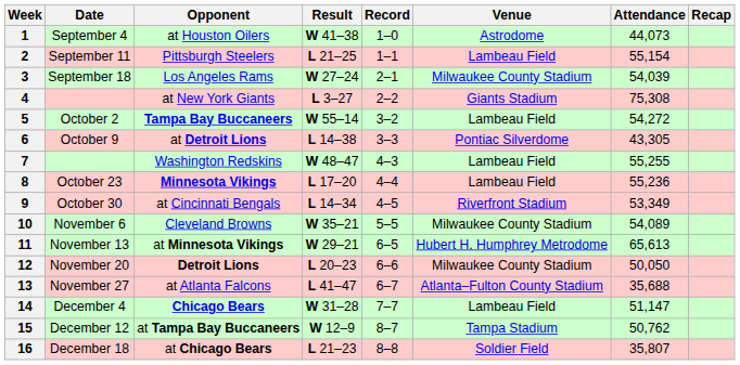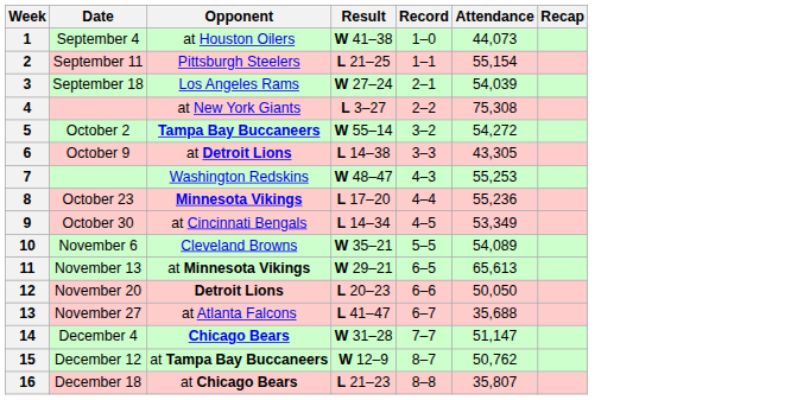 <table class="wikitable" style="text-align:center">
 <tr>
 <th>Week</th>
 <th>Date</th>
 <th>Opponent</th>
 <th>Result</th>
 <th>Record</th>
-<th>Venue</th>
 <th>Attendance</th>
 <th>Recap</th>
 </tr>
 <tr style="background:#cfc">
 <th>1</th>
 <td>September 4</td>
 <td>at <a href='#'>Houston Oilers</a></td>
 <td><strong>W</strong> 41–38 </td>
 <td>1–0</td>
-<td><a href='#'>Astrodome</a></td>
 <td>44,073</td>
 <td></td>
 </tr>
 <tr style="background:#fcc">
 <th>2</th>
 <td>September 11</td>
 <td><a href='#'>Pittsburgh Steelers</a></td>
 <td><strong>L</strong> 21–25</td>
 <td>1–1</td>
-<td><a href='#'>Lambeau Field</a></td>
 <td>55,154</td>
 <td></td>
 </tr>
 <tr style="background:#cfc">
 <th>3</th>
 <td>September 18</td>
 <td><a href='#'>Los Angeles Rams</a></td>
 <td><strong>W</strong> 27–24</td>
 <td>2–1</td>
-<td><a href='#'>Milwaukee County Stadium</a></td>
 <td>54,039</td>
 <td></td>
 </tr>
 <tr style="background:#fcc">
 <th>4</th>
 <td></td>
 <td>at <a href='#'>New York Giants</a></td>
 <td><strong>L</strong> 3–27</td>
 <td>2–2</td>
-<td><a href='#'>Giants Stadium</a></td>
 <td>75,308</td>
 <td></td>
 </tr>
 <tr style="background:#cfc">
 <th>5</th>
 <td>October 2</td>
 <td><strong><a href='#'>Tampa Bay Buccaneers</a></strong></td>
 <td><strong>W</strong> 55–14</td>
 <td>3–2</td>
-<td>Lambeau Field</td>
 <td>54,272</td>
 <td></td>
 </tr>
 <tr style="background:#fcc">
 <th>6</th>
 <td>October 9</td>
 <td>at <strong><a href='#'>Detroit Lions</a></strong></td>
 <td><strong>L</strong> 14–38</td>
 <td>3–3</td>
-<td><a href='#'>Pontiac Silverdome</a></td>
 <td>43,305</td>
 <td></td>
 </tr>
 <tr style="background:#cfc">
 <th>7</th>
 <td></td>
 <td><a href='#'>Washington Redskins</a></td>
 <td><strong>W</strong> 48–47</td>
 <td>4–3</td>
-<td>Lambeau Field</td>
-<td>55,255</td>
+<td>55,253</td>
 <td></td>
 </tr>
 <tr style="background:#fcc">
 <th>8</th>
 <td>October 23</td>
 <td><strong><a href='#'>Minnesota Vikings</a></strong></td>
 <td><strong>L</strong> 17–20 </td>
 <td>4–4</td>
-<td>Lambeau Field</td>
 <td>55,236</td>
 <td></td>
 </tr>
 <tr style="background:#fcc">
 <th>9</th>
 <td>October 30</td>
 <td>at <a href='#'>Cincinnati Bengals</a></td>
 <td><strong>L</strong> 14–34</td>
 <td>4–5</td>
-<td><a href='#'>Riverfront Stadium</a></td>
 <td>53,349</td>
 <td></td>
 </tr>
 <tr style="background:#cfc">
 <th>10</th>
 <td>November 6</td>
 <td><a href='#'>Cleveland Browns</a></td>
 <td><strong>W</strong> 35–21</td>
 <td>5–5</td>
-<td>Milwaukee County Stadium</td>
 <td>54,089</td>
 <td></td>
 </tr>
 <tr style="background:#cfc">
 <th>11</th>
 <td>November 13</td>
 <td>at <strong>Minnesota Vikings</strong></td>
 <td><strong>W</strong> 29–21</td>
 <td>6–5</td>
-<td><a href='#'>Hubert H. Humphrey Metrodome</a></td>
 <td>65,613</td>
 <td></td>
 </tr>
 <tr style="background:#fcc">
 <th>12</th>
 <td>November 20</td>
 <td><strong>Detroit Lions</strong></td>
 <td><strong>L</strong> 20–23 </td>
 <td>6–6</td>
-<td>Milwaukee County Stadium</td>
 <td>50,050</td>
 <td></td>
 </tr>
 <tr style="background:#fcc">
 <th>13</th>
 <td>November 27</td>
 <td>at <a href='#'>Atlanta Falcons</a></td>
 <td><strong>L</strong> 41–47 </td>
 <td>6–7</td>
-<td><a href='#'>Atlanta–Fulton County Stadium</a></td>
 <td>35,688</td>
 <td></td>
 </tr>
 <tr style="background:#cfc">
 <th>14</th>
 <td>December 4</td>
 <td><strong><a href='#'>Chicago Bears</a></strong></td>
 <td><strong>W</strong> 31–28</td>
 <td>7–7</td>
-<td>Lambeau Field</td>
 <td>51,147</td>
 <td></td>
 </tr>
 <tr style="background:#cfc">
 <th>15</th>
 <td>December 12</td>
 <td>at <strong>Tampa Bay Buccaneers</strong></td>
 <td><strong>W</strong> 12–9 </td>
 <td>8–7</td>
-<td><a href='#'>Tampa Stadium</a></td>
 <td>50,762</td>
 <td></td>
 </tr>
 <tr style="background:#fcc">
 <th>16</th>
 <td>December 18</td>
 <td>at <strong>Chicago Bears</strong></td>
 <td><strong>L</strong> 21–23</td>
 <td>8–8</td>
-<td><a href='#'>Soldier Field</a></td>
 <td>35,807</td>
 <td></td>
 </tr>
 </table>
